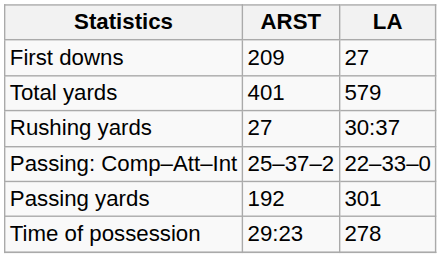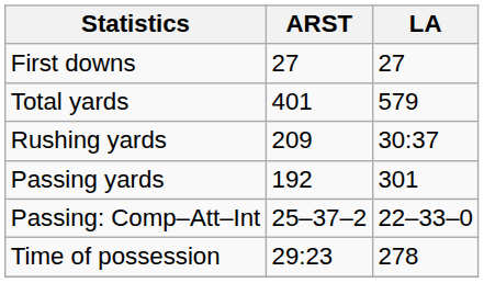 <table class="wikitable" style="float: left;">
 <tr>
 <th>Statistics</th>
 <th>ARST</th>
 <th>LA</th>
 </tr>
 <tr>
 <td>First downs</td>
-<td>209</td>
+<td>27</td>
 <td>27</td>
 </tr>
 <tr>
 <td>Total yards</td>
 <td>401</td>
 <td>579</td>
 </tr>
 <tr>
 <td>Rushing yards</td>
-<td>27</td>
+<td>209</td>
 <td>30:37</td>
+</tr>
+<tr>
+<td>Passing yards</td>
+<td>192</td>
+<td>301</td>
 </tr>
 <tr>
 <td>Passing: Comp–Att–Int</td>
 <td>25–37–2</td>
 <td>22–33–0</td>
-</tr>
-<tr>
-<td>Passing yards</td>
-<td>192</td>
-<td>301</td>
 </tr>
 <tr>
 <td>Time of possession</td>
 <td>29:23</td>
 <td>278</td>
 </tr>
 <tr>
 </tr>
 </table>
